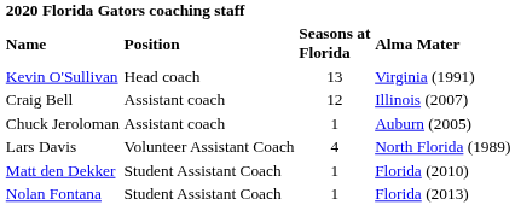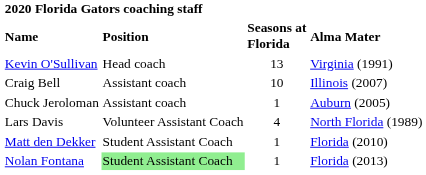 <table class="toccolours" style="text-align: left; font-size:90%;">
 <tr>
 <th colspan="9">2020 Florida Gators coaching staff</th>
 </tr>
 <tr>
 <th>Name</th>
 <th>Position</th>
 <th>Seasons at<br>Florida</th>
 <th>Alma Mater</th>
 </tr>
 <tr>
 <td><a href='#'>Kevin O'Sullivan</a></td>
 <td>Head coach</td>
 <td align=center>13</td>
 <td><a href='#'>Virginia</a> (1991)</td>
 </tr>
 <tr>
 <td>Craig Bell</td>
 <td>Assistant coach</td>
-<td align=center>12</td>
+<td align=center>10</td>
 <td><a href='#'>Illinois</a> (2007)</td>
 </tr>
 <tr>
 <td>Chuck Jeroloman</td>
 <td>Assistant coach</td>
 <td align=center>1</td>
 <td><a href='#'>Auburn</a> (2005)</td>
 </tr>
 <tr>
 <td>Lars Davis</td>
 <td>Volunteer Assistant Coach</td>
 <td align=center>4</td>
 <td><a href='#'>North Florida</a> (1989)</td>
 </tr>
 <tr>
 <td><a href='#'>Matt den Dekker</a></td>
 <td>Student Assistant Coach</td>
 <td align=center>1</td>
 <td><a href='#'>Florida</a> (2010)</td>
 </tr>
 <tr>
 <td><a href='#'>Nolan Fontana</a></td>
-<td>Student Assistant Coach</td>
+<td style="background: lightgreen;">Student Assistant Coach</td>
 <td align=center>1</td>
 <td><a href='#'>Florida</a> (2013)</td>
 </tr>
 </table>
